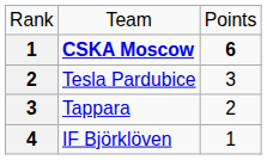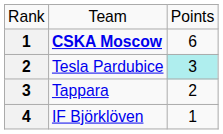 <table class="wikitable" style="text-align: center;">
 <tr>
 <td>Rank</td>
 <td>Team</td>
 <td>Points</td>
 </tr>
 <tr>
 <th>1</th>
 <td style="text-align: left;"> <strong><a href='#'>CSKA Moscow</a></strong></td>
-<td><strong>6</strong></td>
+<td>6</td>
 </tr>
 <tr>
 <th>2</th>
 <td style="text-align: left;"> <a href='#'>Tesla Pardubice</a></td>
-<td>3</td>
+<td style="background: paleturquoise;">3</td>
 </tr>
 <tr>
 <th>3</th>
 <td style="text-align: left;"> <a href='#'>Tappara</a></td>
 <td>2</td>
 </tr>
 <tr>
 <th>4</th>
 <td style="text-align: left;"> <a href='#'>IF Björklöven</a></td>
 <td>1</td>
 </tr>
 </table>
